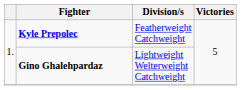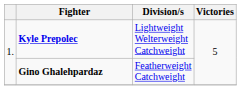 <table class=wikitable>
 <tr>
 <th></th>
 <th width=180>Fighter</th>
 <th>Division/s</th>
 <th>Victories</th>
 </tr>
 <tr>
 <td rowspan=2>1.</td>
 <td> <strong><a href='#'>Kyle Prepolec</a></strong></td>
-<td><a href='#'>Featherweight</a><br> <a href='#'>Catchweight</a></td>
+<td><a href='#'>Lightweight</a><br> <a href='#'>Welterweight</a><br> <a href='#'>Catchweight</a></td>
 <td rowspan=2 style="text-align:center;">5</td>
 </tr>
 <tr>
 <td> <strong>Gino Ghalehpardaz</strong></td>
-<td><a href='#'>Lightweight</a><br> <a href='#'>Welterweight</a><br> <a href='#'>Catchweight</a></td>
+<td><a href='#'>Featherweight</a><br> <a href='#'>Catchweight</a></td>
 </tr>
 <tr>
 </tr>
 </table>
